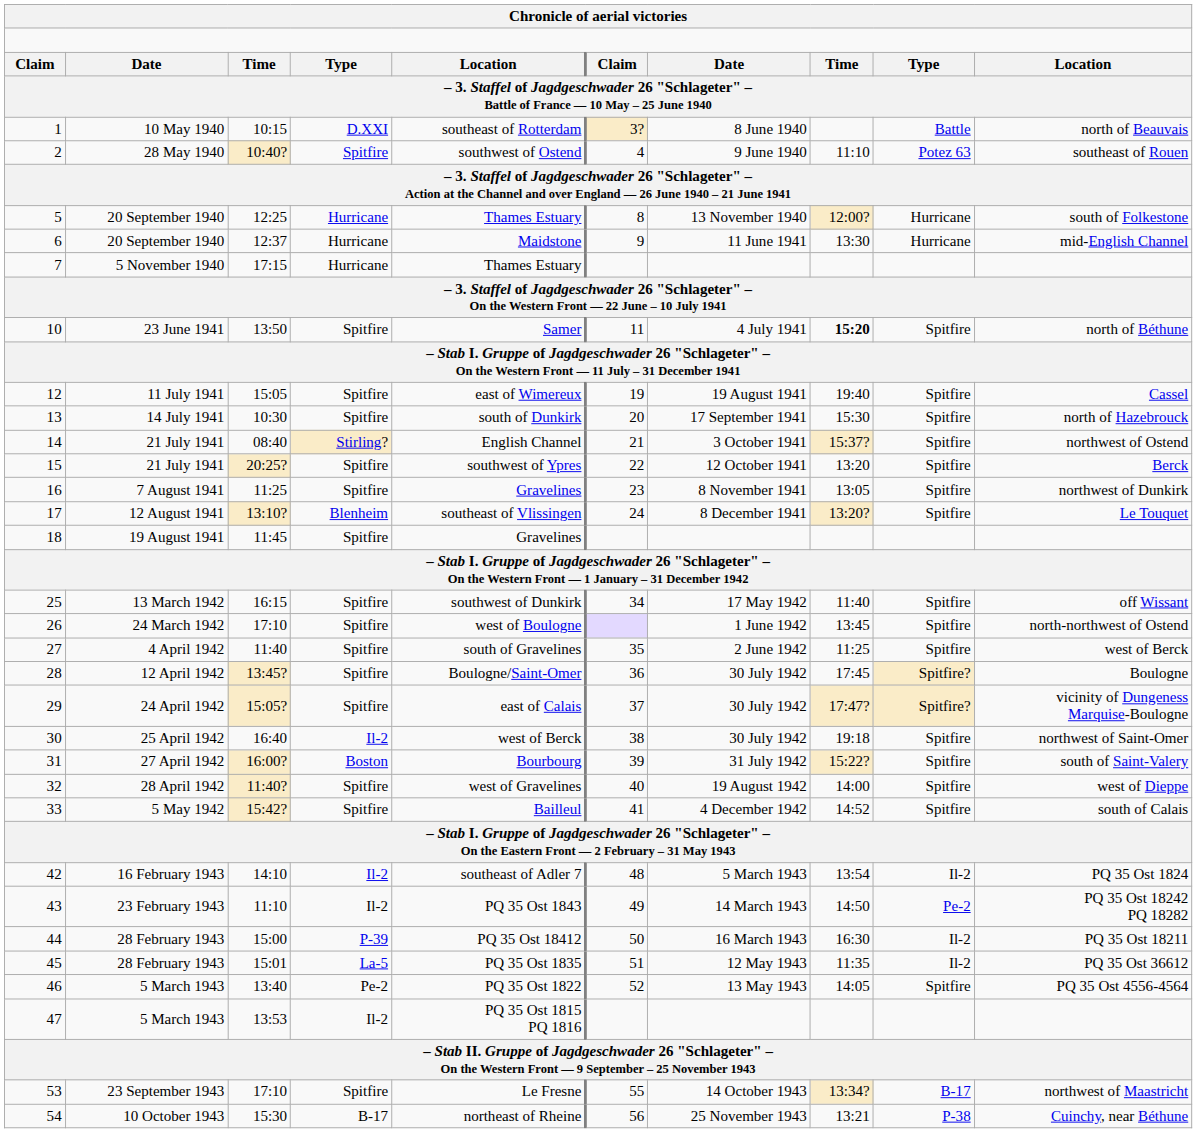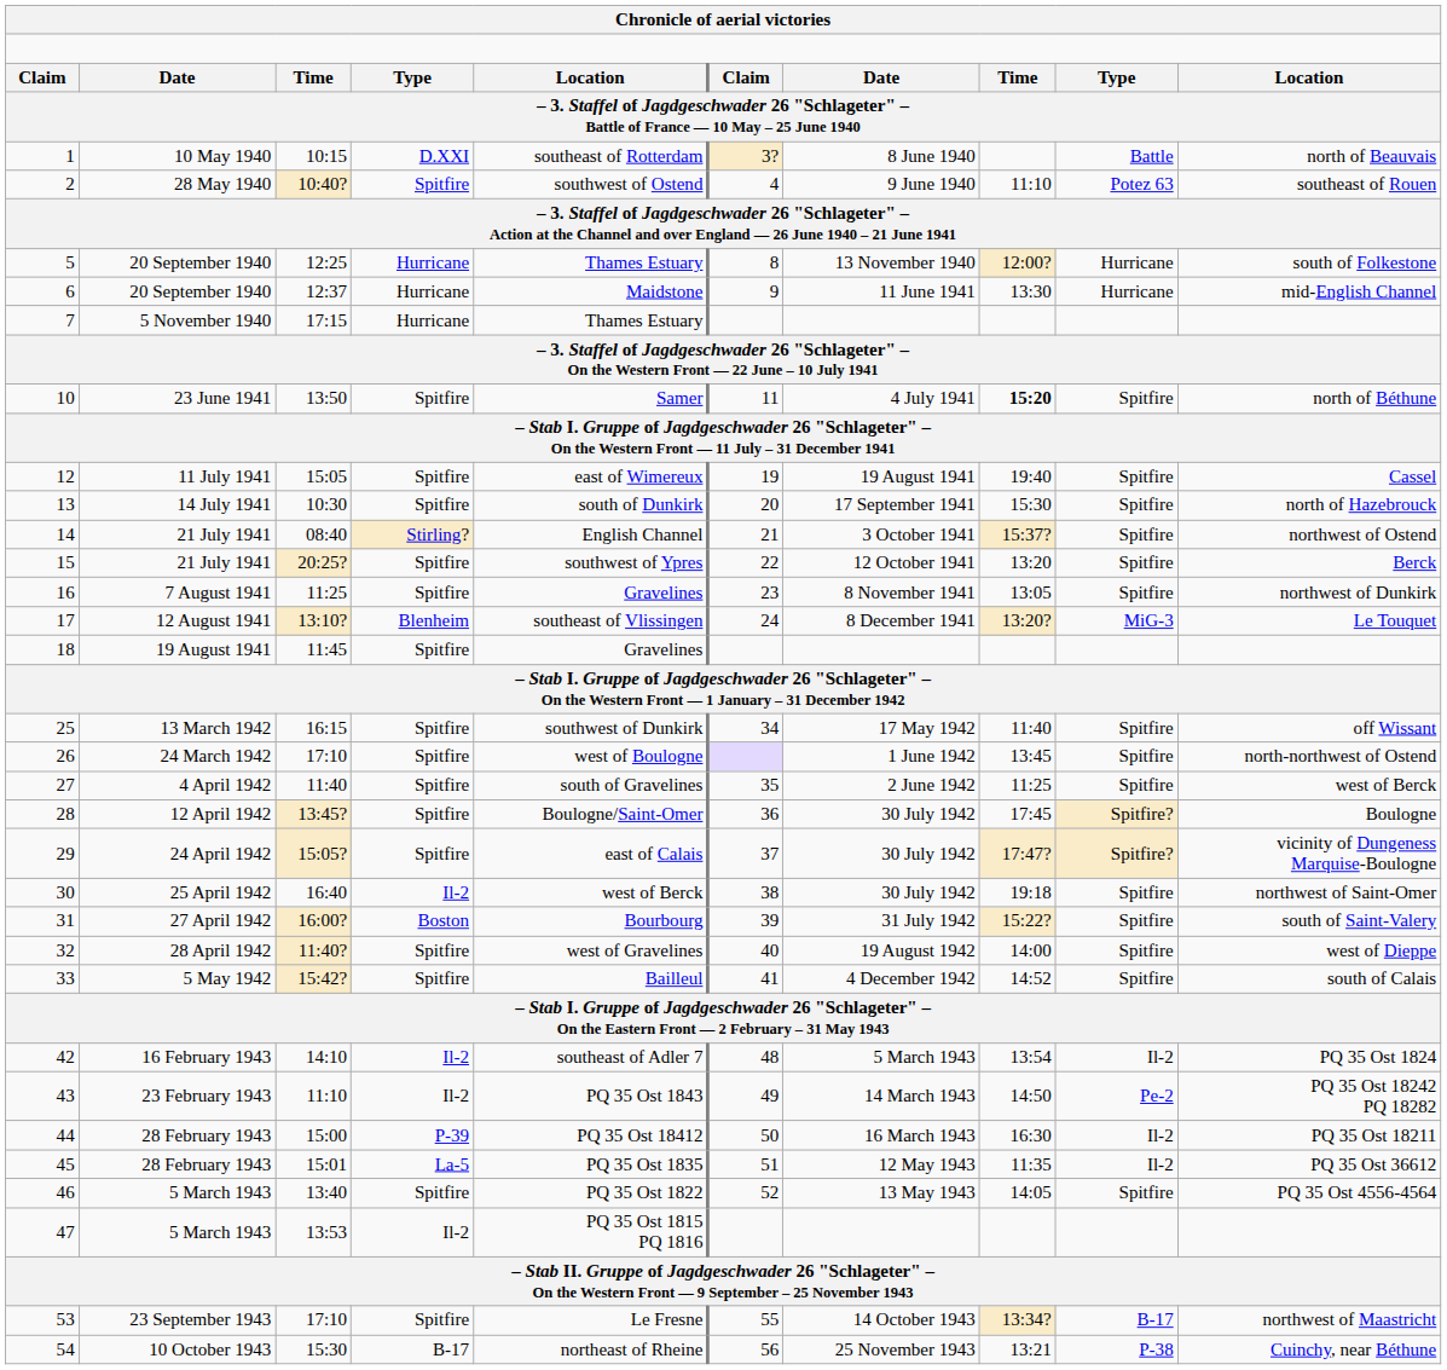 <table class="wikitable plainrowheaders collapsible" style="margin-left: auto; margin-right: auto; border: none; text-align:right; width: 100%;">
 <tr>
 <th colspan="10">Chronicle of aerial victories</th>
 </tr>
 <tr>
 <td colspan="10" style="text-align: left;"><br> </td>
 </tr>
 <tr>
 <th scope="col">Claim</th>
 <th scope="col">Date</th>
 <th scope="col">Time</th>
 <th scope="col" width="100px">Type</th>
 <th scope="col">Location</th>
 <th scope="col" style="border-left: 3px solid grey;">Claim</th>
 <th scope="col">Date</th>
 <th scope="col">Time</th>
 <th scope="col" width="100px">Type</th>
 <th scope="col">Location</th>
 </tr>
 <tr>
 <th colspan="10">– 3. <em>Staffel</em> of <em>Jagdgeschwader</em> 26 "Schlageter" –<br><small>Battle of France — 10 May – 25 June 1940</small></th>
 </tr>
 <tr>
 <td>1</td>
 <td>10 May 1940</td>
 <td>10:15</td>
 <td><a href='#'>D.XXI</a></td>
 <td>southeast of <a href='#'>Rotterdam</a></td>
 <td style="border-left: 3px solid grey; background:#faecc8">3?</td>
 <td>8 June 1940</td>
 <td></td>
 <td><a href='#'>Battle</a></td>
 <td>north of <a href='#'>Beauvais</a></td>
 </tr>
 <tr>
 <td>2</td>
 <td>28 May 1940</td>
 <td style="background:#faecc8">10:40?</td>
 <td><a href='#'>Spitfire</a></td>
 <td> southwest of <a href='#'>Ostend</a></td>
 <td style="border-left: 3px solid grey;">4</td>
 <td>9 June 1940</td>
 <td>11:10</td>
 <td><a href='#'>Potez 63</a></td>
 <td> southeast of <a href='#'>Rouen</a></td>
 </tr>
 <tr>
 <th colspan="10">– 3. <em>Staffel</em> of <em>Jagdgeschwader</em> 26 "Schlageter" –<br><small>Action at the Channel and over England — 26 June 1940 – 21 June 1941</small></th>
 </tr>
 <tr>
 <td>5</td>
 <td>20 September 1940</td>
 <td>12:25</td>
 <td><a href='#'>Hurricane</a></td>
 <td><a href='#'>Thames Estuary</a></td>
 <td style="border-left: 3px solid grey;">8</td>
 <td>13 November 1940</td>
 <td style="background:#faecc8">12:00?</td>
 <td>Hurricane</td>
 <td>south of <a href='#'>Folkestone</a></td>
 </tr>
 <tr>
 <td>6</td>
 <td>20 September 1940</td>
 <td>12:37</td>
 <td>Hurricane</td>
 <td><a href='#'>Maidstone</a></td>
 <td style="border-left: 3px solid grey;">9</td>
 <td>11 June 1941</td>
 <td>13:30</td>
 <td>Hurricane</td>
 <td>mid-<a href='#'>English Channel</a></td>
 </tr>
 <tr>
 <td>7</td>
 <td>5 November 1940</td>
 <td>17:15</td>
 <td>Hurricane</td>
 <td>Thames Estuary</td>
 <td style="border-left: 3px solid grey;"></td>
 <td></td>
 <td></td>
 <td></td>
 <td></td>
 </tr>
 <tr>
 <th colspan="10">– 3. <em>Staffel</em> of <em>Jagdgeschwader</em> 26 "Schlageter" –<br><small>On the Western Front — 22 June – 10 July 1941</small></th>
 </tr>
 <tr>
 <td>10</td>
 <td>23 June 1941</td>
 <td>13:50</td>
 <td>Spitfire</td>
 <td><a href='#'>Samer</a></td>
 <td style="border-left: 3px solid grey;">11</td>
 <td>4 July 1941</td>
 <td><strong>15:20</strong></td>
 <td>Spitfire</td>
 <td> north of <a href='#'>Béthune</a></td>
 </tr>
 <tr>
 <th colspan="10">– <em>Stab</em> I. <em>Gruppe</em> of <em>Jagdgeschwader</em> 26 "Schlageter" –<br><small>On the Western Front — 11 July – 31 December 1941</small></th>
 </tr>
 <tr>
 <td>12</td>
 <td>11 July 1941</td>
 <td>15:05</td>
 <td>Spitfire</td>
 <td>east of <a href='#'>Wimereux</a></td>
 <td style="border-left: 3px solid grey;">19</td>
 <td>19 August 1941</td>
 <td>19:40</td>
 <td>Spitfire</td>
 <td><a href='#'>Cassel</a></td>
 </tr>
 <tr>
 <td>13</td>
 <td>14 July 1941</td>
 <td>10:30</td>
 <td>Spitfire</td>
 <td>south of <a href='#'>Dunkirk</a></td>
 <td style="border-left: 3px solid grey;">20</td>
 <td>17 September 1941</td>
 <td>15:30</td>
 <td>Spitfire</td>
 <td>north of <a href='#'>Hazebrouck</a></td>
 </tr>
 <tr>
 <td>14</td>
 <td>21 July 1941</td>
 <td>08:40</td>
 <td style="background:#faecc8"><a href='#'>Stirling</a>?</td>
 <td>English Channel</td>
 <td style="border-left: 3px solid grey;">21</td>
 <td>3 October 1941</td>
 <td style="background:#faecc8">15:37?</td>
 <td>Spitfire</td>
 <td> northwest of Ostend</td>
 </tr>
 <tr>
 <td>15</td>
 <td>21 July 1941</td>
 <td style="background:#faecc8">20:25?</td>
 <td>Spitfire</td>
 <td>southwest of <a href='#'>Ypres</a></td>
 <td style="border-left: 3px solid grey;">22</td>
 <td>12 October 1941</td>
 <td>13:20</td>
 <td>Spitfire</td>
 <td><a href='#'>Berck</a></td>
 </tr>
 <tr>
 <td>16</td>
 <td>7 August 1941</td>
 <td>11:25</td>
 <td>Spitfire</td>
 <td><a href='#'>Gravelines</a></td>
 <td style="border-left: 3px solid grey;">23</td>
 <td>8 November 1941</td>
 <td>13:05</td>
 <td>Spitfire</td>
 <td>northwest of Dunkirk</td>
 </tr>
 <tr>
 <td>17</td>
 <td>12 August 1941</td>
 <td style="background:#faecc8">13:10?</td>
 <td><a href='#'>Blenheim</a></td>
 <td>southeast of <a href='#'>Vlissingen</a></td>
 <td style="border-left: 3px solid grey;">24</td>
 <td>8 December 1941</td>
 <td style="background:#faecc8">13:20?</td>
-<td>Spitfire</td>
+<td><a href='#'>MiG-3</a></td>
 <td><a href='#'>Le Touquet</a></td>
 </tr>
 <tr>
 <td>18</td>
 <td>19 August 1941</td>
 <td>11:45</td>
 <td>Spitfire</td>
 <td>Gravelines</td>
 <td style="border-left: 3px solid grey;"></td>
 <td></td>
 <td></td>
 <td></td>
 <td></td>
 </tr>
 <tr>
 <th colspan="10">– <em>Stab</em> I. <em>Gruppe</em> of <em>Jagdgeschwader</em> 26 "Schlageter" –<br><small>On the Western Front — 1 January – 31 December 1942</small></th>
 </tr>
 <tr>
 <td>25</td>
 <td>13 March 1942</td>
 <td>16:15</td>
 <td>Spitfire</td>
 <td>southwest of Dunkirk</td>
 <td style="border-left: 3px solid grey;">34</td>
 <td>17 May 1942</td>
 <td>11:40</td>
 <td>Spitfire</td>
 <td> off <a href='#'>Wissant</a></td>
 </tr>
 <tr>
 <td>26</td>
 <td>24 March 1942</td>
 <td>17:10</td>
 <td>Spitfire</td>
 <td> west of <a href='#'>Boulogne</a></td>
 <td style="border-left: 3px solid grey; background:#e3d9ff;"></td>
 <td>1 June 1942</td>
 <td>13:45</td>
 <td>Spitfire</td>
 <td> north-northwest of Ostend</td>
 </tr>
 <tr>
 <td>27</td>
 <td>4 April 1942</td>
 <td>11:40</td>
 <td>Spitfire</td>
 <td>south of Gravelines</td>
 <td style="border-left: 3px solid grey;">35</td>
 <td>2 June 1942</td>
 <td>11:25</td>
 <td>Spitfire</td>
 <td> west of Berck</td>
 </tr>
 <tr>
 <td>28</td>
 <td>12 April 1942</td>
 <td style="background:#faecc8">13:45?</td>
 <td>Spitfire</td>
 <td>Boulogne/<a href='#'>Saint-Omer</a></td>
 <td style="border-left: 3px solid grey;">36</td>
 <td>30 July 1942</td>
 <td>17:45</td>
 <td style="background:#faecc8">Spitfire?</td>
 <td>Boulogne</td>
 </tr>
 <tr>
 <td>29</td>
 <td>24 April 1942</td>
 <td style="background:#faecc8">15:05?</td>
 <td>Spitfire</td>
 <td>east of <a href='#'>Calais</a></td>
 <td style="border-left: 3px solid grey;">37</td>
 <td>30 July 1942</td>
 <td style="background:#faecc8">17:47?</td>
 <td style="background:#faecc8">Spitfire?</td>
 <td>vicinity of <a href='#'>Dungeness</a><br><a href='#'>Marquise</a>-Boulogne</td>
 </tr>
 <tr>
 <td>30</td>
 <td>25 April 1942</td>
 <td>16:40</td>
 <td><a href='#'>Il-2</a></td>
 <td> west of Berck</td>
 <td style="border-left: 3px solid grey;">38</td>
 <td>30 July 1942</td>
 <td>19:18</td>
 <td>Spitfire</td>
 <td>northwest of Saint-Omer</td>
 </tr>
 <tr>
 <td>31</td>
 <td>27 April 1942</td>
 <td style="background:#faecc8">16:00?</td>
 <td><a href='#'>Boston</a></td>
 <td><a href='#'>Bourbourg</a></td>
 <td style="border-left: 3px solid grey;">39</td>
 <td>31 July 1942</td>
 <td style="background:#faecc8">15:22?</td>
 <td>Spitfire</td>
 <td> south of <a href='#'>Saint-Valery</a></td>
 </tr>
 <tr>
 <td>32</td>
 <td>28 April 1942</td>
 <td style="background:#faecc8">11:40?</td>
 <td>Spitfire</td>
 <td> west of Gravelines</td>
 <td style="border-left: 3px solid grey;">40</td>
 <td>19 August 1942</td>
 <td>14:00</td>
 <td>Spitfire</td>
 <td> west of <a href='#'>Dieppe</a></td>
 </tr>
 <tr>
 <td>33</td>
 <td>5 May 1942</td>
 <td style="background:#faecc8">15:42?</td>
 <td>Spitfire</td>
 <td><a href='#'>Bailleul</a></td>
 <td style="border-left: 3px solid grey;">41</td>
 <td>4 December 1942</td>
 <td>14:52</td>
 <td>Spitfire</td>
 <td>south of Calais</td>
 </tr>
 <tr>
 <th colspan="10">– <em>Stab</em> I. <em>Gruppe</em> of <em>Jagdgeschwader</em> 26 "Schlageter" –<br><small>On the Eastern Front — 2 February – 31 May 1943</small></th>
 </tr>
 <tr>
 <td>42</td>
 <td>16 February 1943</td>
 <td>14:10</td>
 <td><a href='#'>Il-2</a></td>
 <td> southeast of Adler 7</td>
 <td style="border-left: 3px solid grey;">48</td>
 <td>5 March 1943</td>
 <td>13:54</td>
 <td>Il-2</td>
 <td>PQ 35 Ost 1824</td>
 </tr>
 <tr>
 <td>43</td>
 <td>23 February 1943</td>
 <td>11:10</td>
 <td>Il-2</td>
 <td>PQ 35 Ost 1843</td>
 <td style="border-left: 3px solid grey;">49</td>
 <td>14 March 1943</td>
 <td>14:50</td>
 <td><a href='#'>Pe-2</a></td>
 <td>PQ 35 Ost 18242<br>PQ 18282</td>
 </tr>
 <tr>
 <td>44</td>
 <td>28 February 1943</td>
 <td>15:00</td>
 <td><a href='#'>P-39</a></td>
 <td>PQ 35 Ost 18412</td>
 <td style="border-left: 3px solid grey;">50</td>
 <td>16 March 1943</td>
 <td>16:30</td>
 <td>Il-2</td>
 <td>PQ 35 Ost 18211</td>
 </tr>
 <tr>
 <td>45</td>
 <td>28 February 1943</td>
 <td>15:01</td>
 <td><a href='#'>La-5</a></td>
 <td>PQ 35 Ost 1835</td>
 <td style="border-left: 3px solid grey;">51</td>
 <td>12 May 1943</td>
 <td>11:35</td>
 <td>Il-2</td>
 <td>PQ 35 Ost 36612</td>
 </tr>
 <tr>
 <td>46</td>
 <td>5 March 1943</td>
 <td>13:40</td>
-<td>Pe-2</td>
+<td>Spitfire</td>
 <td>PQ 35 Ost 1822</td>
 <td style="border-left: 3px solid grey;">52</td>
 <td>13 May 1943</td>
 <td>14:05</td>
 <td>Spitfire</td>
 <td>PQ 35 Ost 4556-4564</td>
 </tr>
 <tr>
 <td>47</td>
 <td>5 March 1943</td>
 <td>13:53</td>
 <td>Il-2</td>
 <td>PQ 35 Ost 1815<br>PQ 1816</td>
 <td style="border-left: 3px solid grey;"></td>
 <td></td>
 <td></td>
 <td></td>
 <td></td>
 </tr>
 <tr>
 <th colspan="10">– <em>Stab</em> II. <em>Gruppe</em> of <em>Jagdgeschwader</em> 26 "Schlageter" –<br><small>On the Western Front — 9 September – 25 November 1943</small></th>
 </tr>
 <tr>
 <td>53</td>
 <td>23 September 1943</td>
 <td>17:10</td>
 <td>Spitfire</td>
 <td>Le Fresne</td>
 <td style="border-left: 3px solid grey;">55</td>
 <td>14 October 1943</td>
 <td style="background:#faecc8">13:34?</td>
 <td><a href='#'>B-17</a></td>
 <td> northwest of <a href='#'>Maastricht</a></td>
 </tr>
 <tr>
 <td>54</td>
 <td>10 October 1943</td>
 <td>15:30</td>
 <td>B-17</td>
 <td>northeast of Rheine</td>
 <td style="border-left: 3px solid grey;">56</td>
 <td>25 November 1943</td>
 <td>13:21</td>
 <td><a href='#'>P-38</a></td>
 <td><a href='#'>Cuinchy</a>, near <a href='#'>Béthune</a></td>
 </tr>
 </table>
